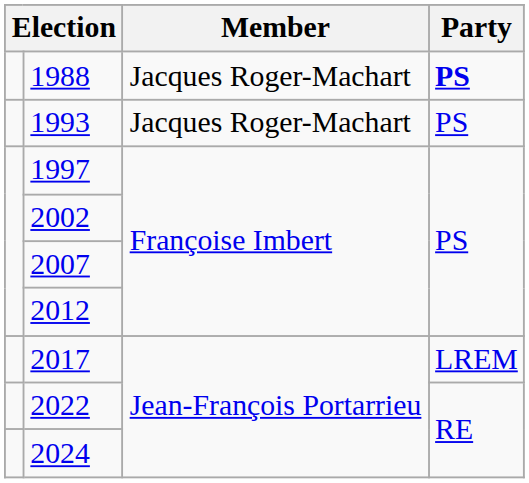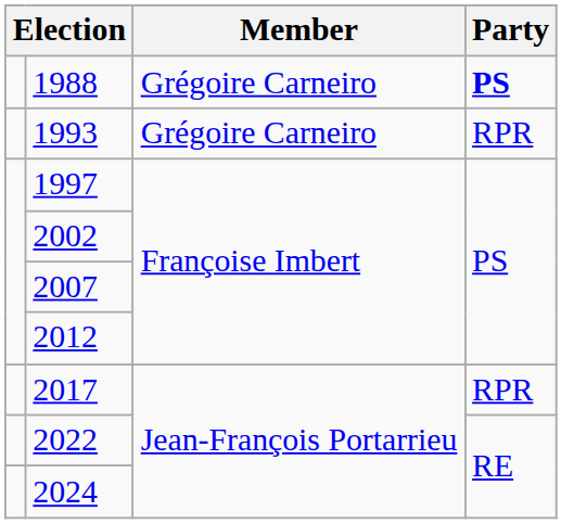 <table class="wikitable">
 <tr>
 <th colspan="2">Election</th>
 <th>Member</th>
 <th>Party</th>
 </tr>
 <tr>
 <td style="color:inherit;background-color:"></td>
 <td><a href='#'>1988</a></td>
-<td>Jacques Roger-Machart</td>
+<td><a href='#'>Grégoire Carneiro</a></td>
 <td><strong><a href='#'>PS</a></strong></td>
 </tr>
 <tr>
 <td style="color:inherit;background-color:"></td>
 <td><a href='#'>1993</a></td>
-<td>Jacques Roger-Machart</td>
-<td><a href='#'>PS</a></td>
+<td><a href='#'>Grégoire Carneiro</a></td>
+<td><a href='#'>RPR</a></td>
 </tr>
 <tr>
 <td rowspan="4" style="color:inherit;background-color:"></td>
 <td><a href='#'>1997</a></td>
 <td rowspan="4"><a href='#'>Françoise Imbert</a></td>
 <td rowspan="4"><a href='#'>PS</a></td>
 </tr>
 <tr>
 <td><a href='#'>2002</a></td>
 </tr>
 <tr>
 <td><a href='#'>2007</a></td>
 </tr>
 <tr>
 <td><a href='#'>2012</a></td>
 </tr>
 <tr>
 <td style="color:inherit;background-color: "></td>
 <td><a href='#'>2017</a></td>
 <td rowspan="3"><a href='#'>Jean-François Portarrieu</a></td>
-<td><a href='#'>LREM</a></td>
+<td><a href='#'>RPR</a></td>
 </tr>
 <tr>
 <td style="color:inherit;background-color: "></td>
 <td><a href='#'>2022</a></td>
 <td rowspan="2"><a href='#'>RE</a></td>
 </tr>
 <tr>
 <td style="color:inherit;background-color: "></td>
 <td><a href='#'>2024</a></td>
 </tr>
 </table>
